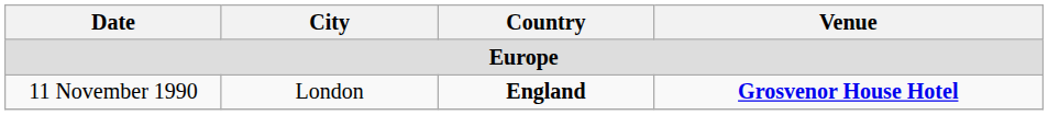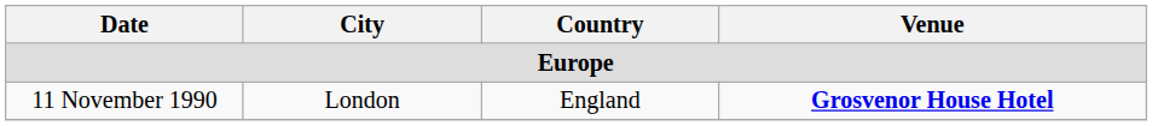 <table class="wikitable" style="text-align:center;">
 <tr>
 <th width="150">Date</th>
 <th width="150">City</th>
 <th width="150">Country</th>
 <th width="275">Venue</th>
 </tr>
 <tr style="background:#ddd;">
 <td colspan="4"><strong>Europe</strong></td>
 </tr>
 <tr>
 <td>11 November 1990</td>
 <td>London</td>
-<td><strong>England</strong></td>
+<td>England</td>
 <td><strong><a href='#'>Grosvenor House Hotel</a></strong></td>
 </tr>
 <tr>
 </tr>
 </table>
